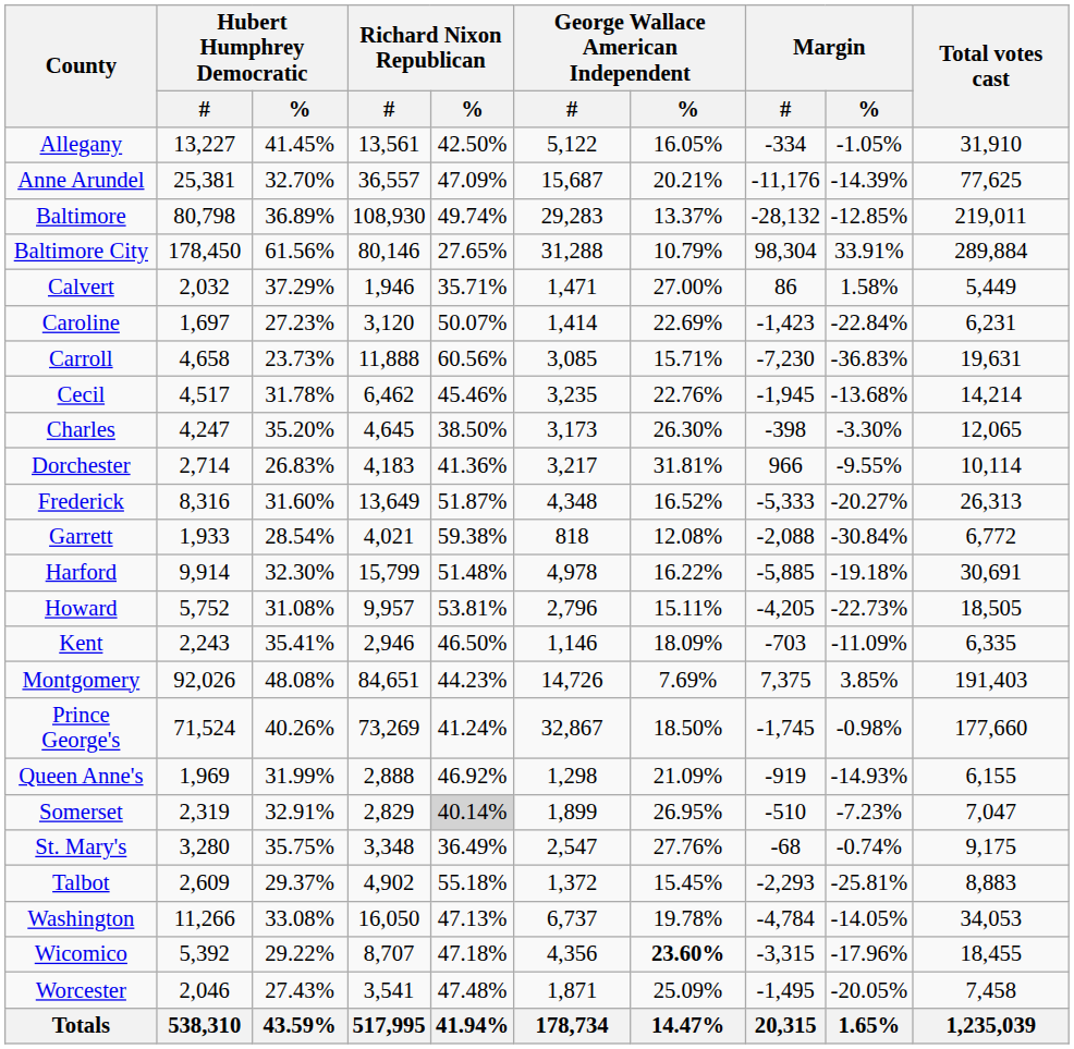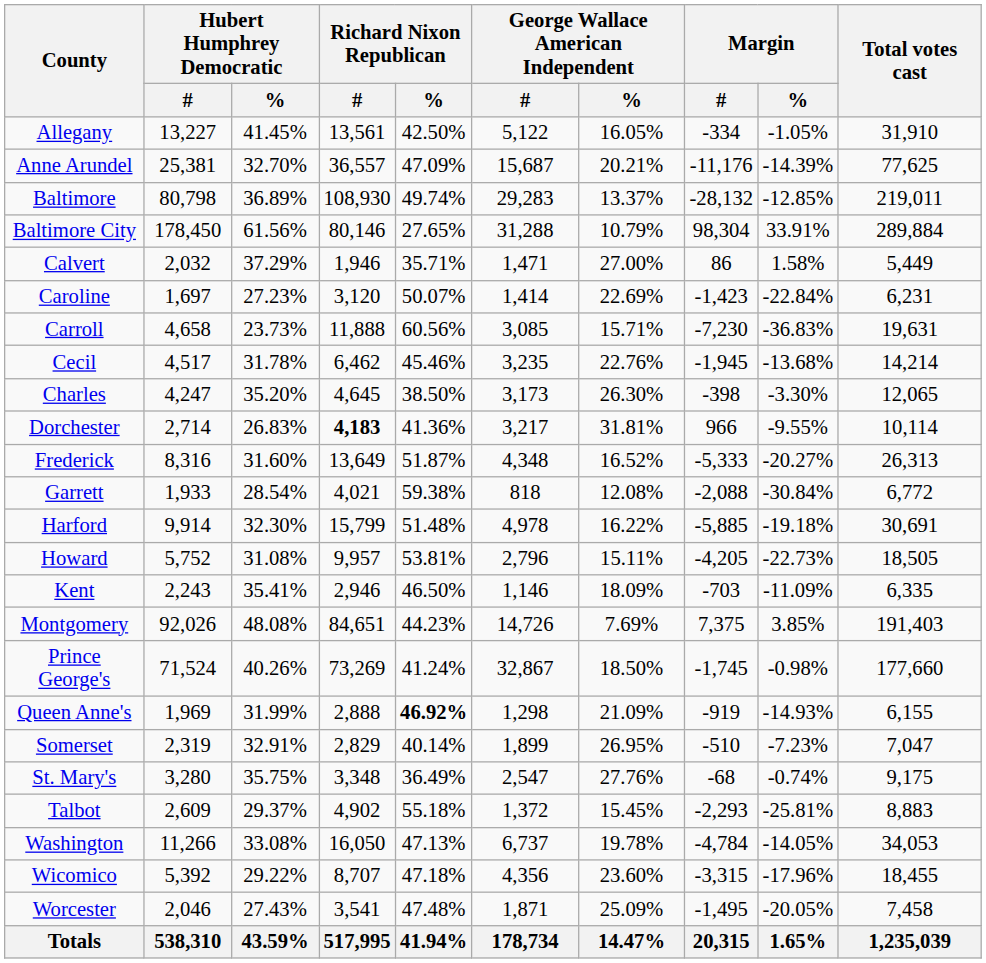 <table width="60%"  class="wikitable sortable" style="text-align:center">
 <tr>
 <th style="text-align:center;" rowspan="2">County</th>
 <th style="text-align:center;" colspan="2">Hubert Humphrey<br>Democratic</th>
 <th style="text-align:center;" colspan="2">Richard Nixon<br>Republican</th>
 <th style="text-align:center;" colspan="2">George Wallace<br>American Independent</th>
 <th style="text-align:center;" colspan="2">Margin</th>
 <th style="text-align:center;" rowspan="2">Total votes cast</th>
 </tr>
 <tr>
 <th style="text-align:center;" data-sort-type="number">#</th>
 <th style="text-align:center;" data-sort-type="number">%</th>
 <th style="text-align:center;" data-sort-type="number">#</th>
 <th style="text-align:center;" data-sort-type="number">%</th>
 <th style="text-align:center;" data-sort-type="number">#</th>
 <th style="text-align:center;" data-sort-type="number">%</th>
 <th style="text-align:center;" data-sort-type="number">#</th>
 <th style="text-align:center;" data-sort-type="number">%</th>
 </tr>
 <tr style="text-align:center;">
 <td><a href='#'>Allegany</a></td>
 <td>13,227</td>
 <td>41.45%</td>
 <td>13,561</td>
 <td>42.50%</td>
 <td>5,122</td>
 <td>16.05%</td>
 <td>-334</td>
 <td>-1.05%</td>
 <td>31,910</td>
 </tr>
 <tr style="text-align:center;">
 <td><a href='#'>Anne Arundel</a></td>
 <td>25,381</td>
 <td>32.70%</td>
 <td>36,557</td>
 <td>47.09%</td>
 <td>15,687</td>
 <td>20.21%</td>
 <td>-11,176</td>
 <td>-14.39%</td>
 <td>77,625</td>
 </tr>
 <tr style="text-align:center;">
 <td><a href='#'>Baltimore</a></td>
 <td>80,798</td>
 <td>36.89%</td>
 <td>108,930</td>
 <td>49.74%</td>
 <td>29,283</td>
 <td>13.37%</td>
 <td>-28,132</td>
 <td>-12.85%</td>
 <td>219,011</td>
 </tr>
 <tr style="text-align:center;">
 <td><a href='#'>Baltimore City</a></td>
 <td>178,450</td>
 <td>61.56%</td>
 <td>80,146</td>
 <td>27.65%</td>
 <td>31,288</td>
 <td>10.79%</td>
 <td>98,304</td>
 <td>33.91%</td>
 <td>289,884</td>
 </tr>
 <tr style="text-align:center;">
 <td><a href='#'>Calvert</a></td>
 <td>2,032</td>
 <td>37.29%</td>
 <td>1,946</td>
 <td>35.71%</td>
 <td>1,471</td>
 <td>27.00%</td>
 <td>86</td>
 <td>1.58%</td>
 <td>5,449</td>
 </tr>
 <tr style="text-align:center;">
 <td><a href='#'>Caroline</a></td>
 <td>1,697</td>
 <td>27.23%</td>
 <td>3,120</td>
 <td>50.07%</td>
 <td>1,414</td>
 <td>22.69%</td>
 <td>-1,423</td>
 <td>-22.84%</td>
 <td>6,231</td>
 </tr>
 <tr style="text-align:center;">
 <td><a href='#'>Carroll</a></td>
 <td>4,658</td>
 <td>23.73%</td>
 <td>11,888</td>
 <td>60.56%</td>
 <td>3,085</td>
 <td>15.71%</td>
 <td>-7,230</td>
 <td>-36.83%</td>
 <td>19,631</td>
 </tr>
 <tr style="text-align:center;">
 <td><a href='#'>Cecil</a></td>
 <td>4,517</td>
 <td>31.78%</td>
 <td>6,462</td>
 <td>45.46%</td>
 <td>3,235</td>
 <td>22.76%</td>
 <td>-1,945</td>
 <td>-13.68%</td>
 <td>14,214</td>
 </tr>
 <tr style="text-align:center;">
 <td><a href='#'>Charles</a></td>
 <td>4,247</td>
 <td>35.20%</td>
 <td>4,645</td>
 <td>38.50%</td>
 <td>3,173</td>
 <td>26.30%</td>
 <td>-398</td>
 <td>-3.30%</td>
 <td>12,065</td>
 </tr>
 <tr style="text-align:center;">
 <td><a href='#'>Dorchester</a></td>
 <td>2,714</td>
 <td>26.83%</td>
-<td>4,183</td>
+<td><strong>4,183</strong></td>
 <td>41.36%</td>
 <td>3,217</td>
 <td>31.81%</td>
 <td>966</td>
 <td>-9.55%</td>
 <td>10,114</td>
 </tr>
 <tr style="text-align:center;">
 <td><a href='#'>Frederick</a></td>
 <td>8,316</td>
 <td>31.60%</td>
 <td>13,649</td>
 <td>51.87%</td>
 <td>4,348</td>
 <td>16.52%</td>
 <td>-5,333</td>
 <td>-20.27%</td>
 <td>26,313</td>
 </tr>
 <tr style="text-align:center;">
 <td><a href='#'>Garrett</a></td>
 <td>1,933</td>
 <td>28.54%</td>
 <td>4,021</td>
 <td>59.38%</td>
 <td>818</td>
 <td>12.08%</td>
 <td>-2,088</td>
 <td>-30.84%</td>
 <td>6,772</td>
 </tr>
 <tr style="text-align:center;">
 <td><a href='#'>Harford</a></td>
 <td>9,914</td>
 <td>32.30%</td>
 <td>15,799</td>
 <td>51.48%</td>
 <td>4,978</td>
 <td>16.22%</td>
 <td>-5,885</td>
 <td>-19.18%</td>
 <td>30,691</td>
 </tr>
 <tr style="text-align:center;">
 <td><a href='#'>Howard</a></td>
 <td>5,752</td>
 <td>31.08%</td>
 <td>9,957</td>
 <td>53.81%</td>
 <td>2,796</td>
 <td>15.11%</td>
 <td>-4,205</td>
 <td>-22.73%</td>
 <td>18,505</td>
 </tr>
 <tr style="text-align:center;">
 <td><a href='#'>Kent</a></td>
 <td>2,243</td>
 <td>35.41%</td>
 <td>2,946</td>
 <td>46.50%</td>
 <td>1,146</td>
 <td>18.09%</td>
 <td>-703</td>
 <td>-11.09%</td>
 <td>6,335</td>
 </tr>
 <tr style="text-align:center;">
 <td><a href='#'>Montgomery</a></td>
 <td>92,026</td>
 <td>48.08%</td>
 <td>84,651</td>
 <td>44.23%</td>
 <td>14,726</td>
 <td>7.69%</td>
 <td>7,375</td>
 <td>3.85%</td>
 <td>191,403</td>
 </tr>
 <tr style="text-align:center;">
 <td><a href='#'>Prince George's</a></td>
 <td>71,524</td>
 <td>40.26%</td>
 <td>73,269</td>
 <td>41.24%</td>
 <td>32,867</td>
 <td>18.50%</td>
 <td>-1,745</td>
 <td>-0.98%</td>
 <td>177,660</td>
 </tr>
 <tr style="text-align:center;">
 <td><a href='#'>Queen Anne's</a></td>
 <td>1,969</td>
 <td>31.99%</td>
 <td>2,888</td>
-<td>46.92%</td>
+<td><strong>46.92%</strong></td>
 <td>1,298</td>
 <td>21.09%</td>
 <td>-919</td>
 <td>-14.93%</td>
 <td>6,155</td>
 </tr>
 <tr style="text-align:center;">
 <td><a href='#'>Somerset</a></td>
 <td>2,319</td>
 <td>32.91%</td>
 <td>2,829</td>
-<td style="background: lightgrey;">40.14%</td>
+<td>40.14%</td>
 <td>1,899</td>
 <td>26.95%</td>
 <td>-510</td>
 <td>-7.23%</td>
 <td>7,047</td>
 </tr>
 <tr style="text-align:center;">
 <td><a href='#'>St. Mary's</a></td>
 <td>3,280</td>
 <td>35.75%</td>
 <td>3,348</td>
 <td>36.49%</td>
 <td>2,547</td>
 <td>27.76%</td>
 <td>-68</td>
 <td>-0.74%</td>
 <td>9,175</td>
 </tr>
 <tr style="text-align:center;">
 <td><a href='#'>Talbot</a></td>
 <td>2,609</td>
 <td>29.37%</td>
 <td>4,902</td>
 <td>55.18%</td>
 <td>1,372</td>
 <td>15.45%</td>
 <td>-2,293</td>
 <td>-25.81%</td>
 <td>8,883</td>
 </tr>
 <tr style="text-align:center;">
 <td><a href='#'>Washington</a></td>
 <td>11,266</td>
 <td>33.08%</td>
 <td>16,050</td>
 <td>47.13%</td>
 <td>6,737</td>
 <td>19.78%</td>
 <td>-4,784</td>
 <td>-14.05%</td>
 <td>34,053</td>
 </tr>
 <tr style="text-align:center;">
 <td><a href='#'>Wicomico</a></td>
 <td>5,392</td>
 <td>29.22%</td>
 <td>8,707</td>
 <td>47.18%</td>
 <td>4,356</td>
-<td><strong>23.60%</strong></td>
+<td>23.60%</td>
 <td>-3,315</td>
 <td>-17.96%</td>
 <td>18,455</td>
 </tr>
 <tr style="text-align:center;">
 <td><a href='#'>Worcester</a></td>
 <td>2,046</td>
 <td>27.43%</td>
 <td>3,541</td>
 <td>47.48%</td>
 <td>1,871</td>
 <td>25.09%</td>
 <td>-1,495</td>
 <td>-20.05%</td>
 <td>7,458</td>
 </tr>
 <tr style="text-align:center;">
 <th>Totals</th>
 <th>538,310</th>
 <th>43.59%</th>
 <th>517,995</th>
 <th>41.94%</th>
 <th>178,734</th>
 <th>14.47%</th>
 <th>20,315</th>
 <th>1.65%</th>
 <th>1,235,039</th>
 </tr>
 </table>
